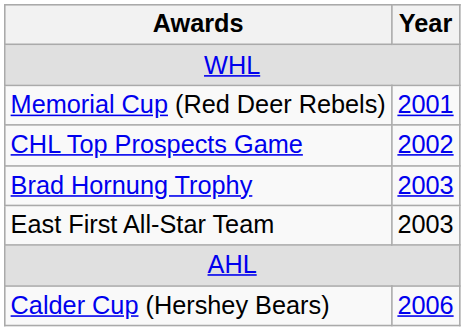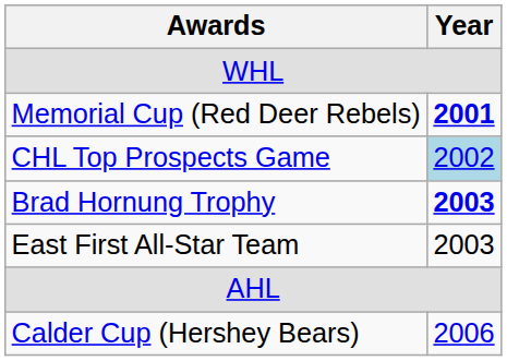 <table class="wikitable">
 <tr>
 <th>Awards</th>
 <th>Year</th>
 </tr>
 <tr ALIGN="center" bgcolor="#e0e0e0">
 <td colspan="3"><a href='#'>WHL</a></td>
 </tr>
 <tr>
 <td><a href='#'>Memorial Cup</a> (Red Deer Rebels)</td>
-<td><a href='#'>2001</a></td>
+<td><strong><a href='#'>2001</a></strong></td>
 </tr>
 <tr>
 <td><a href='#'>CHL Top Prospects Game</a></td>
-<td><a href='#'>2002</a></td>
+<td style="background: lightblue;"><a href='#'>2002</a></td>
 </tr>
 <tr>
 <td><a href='#'>Brad Hornung Trophy</a></td>
-<td><a href='#'>2003</a></td>
+<td><strong><a href='#'>2003</a></strong></td>
 </tr>
 <tr>
 <td>East First All-Star Team</td>
 <td>2003</td>
 </tr>
 <tr ALIGN="center" bgcolor="#e0e0e0">
 <td colspan="3"><a href='#'>AHL</a></td>
 </tr>
 <tr>
 <td><a href='#'>Calder Cup</a> (Hershey Bears)</td>
 <td><a href='#'>2006</a></td>
 </tr>
 </table>
